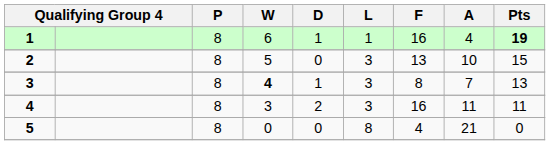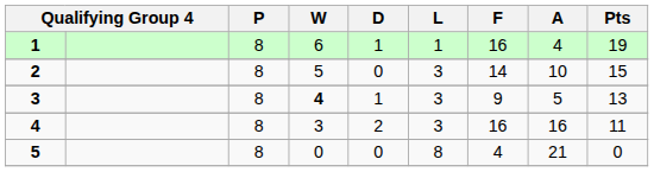 <table class="wikitable">
 <tr>
 <th colspan="2">Qualifying Group 4</th>
 <th rowspan="1" width="50">P</th>
 <th rowspan="1" width="50">W</th>
 <th colspan="1" width="50">D</th>
 <th colspan="1" width="50">L</th>
 <th colspan="1" width="50">F</th>
 <th colspan="1" width="50">A</th>
 <th colspan="1" width="50">Pts</th>
 </tr>
 <tr style="background:#ccffcc;" align=center>
 <td width="50"><strong>1</strong></td>
 <td align=left width="150"><strong></strong></td>
 <td>8</td>
 <td>6</td>
 <td>1</td>
 <td>1</td>
 <td>16</td>
 <td>4</td>
-<td><strong>19</strong></td>
+<td>19</td>
 </tr>
 <tr>
 </tr>
 <tr align=center>
 <td><strong>2</strong></td>
 <td align=left></td>
 <td>8</td>
 <td>5</td>
 <td>0</td>
 <td>3</td>
-<td>13</td>
+<td>14</td>
 <td>10</td>
 <td>15</td>
 </tr>
 <tr>
 </tr>
 <tr align=center>
 <td><strong>3</strong></td>
 <td align=left></td>
 <td>8</td>
 <td><strong>4</strong></td>
 <td>1</td>
 <td>3</td>
-<td>8</td>
-<td>7</td>
+<td>9</td>
+<td>5</td>
 <td>13</td>
 </tr>
 <tr>
 </tr>
 <tr align=center>
 <td><strong>4</strong></td>
 <td align=left></td>
 <td>8</td>
 <td>3</td>
 <td>2</td>
 <td>3</td>
 <td>16</td>
-<td>11</td>
+<td>16</td>
 <td>11</td>
 </tr>
 <tr>
 </tr>
 <tr align=center>
 <td><strong>5</strong></td>
 <td align=left></td>
 <td>8</td>
 <td>0</td>
 <td>0</td>
 <td>8</td>
 <td>4</td>
 <td>21</td>
 <td>0</td>
 </tr>
 <tr>
 </tr>
 </table>
